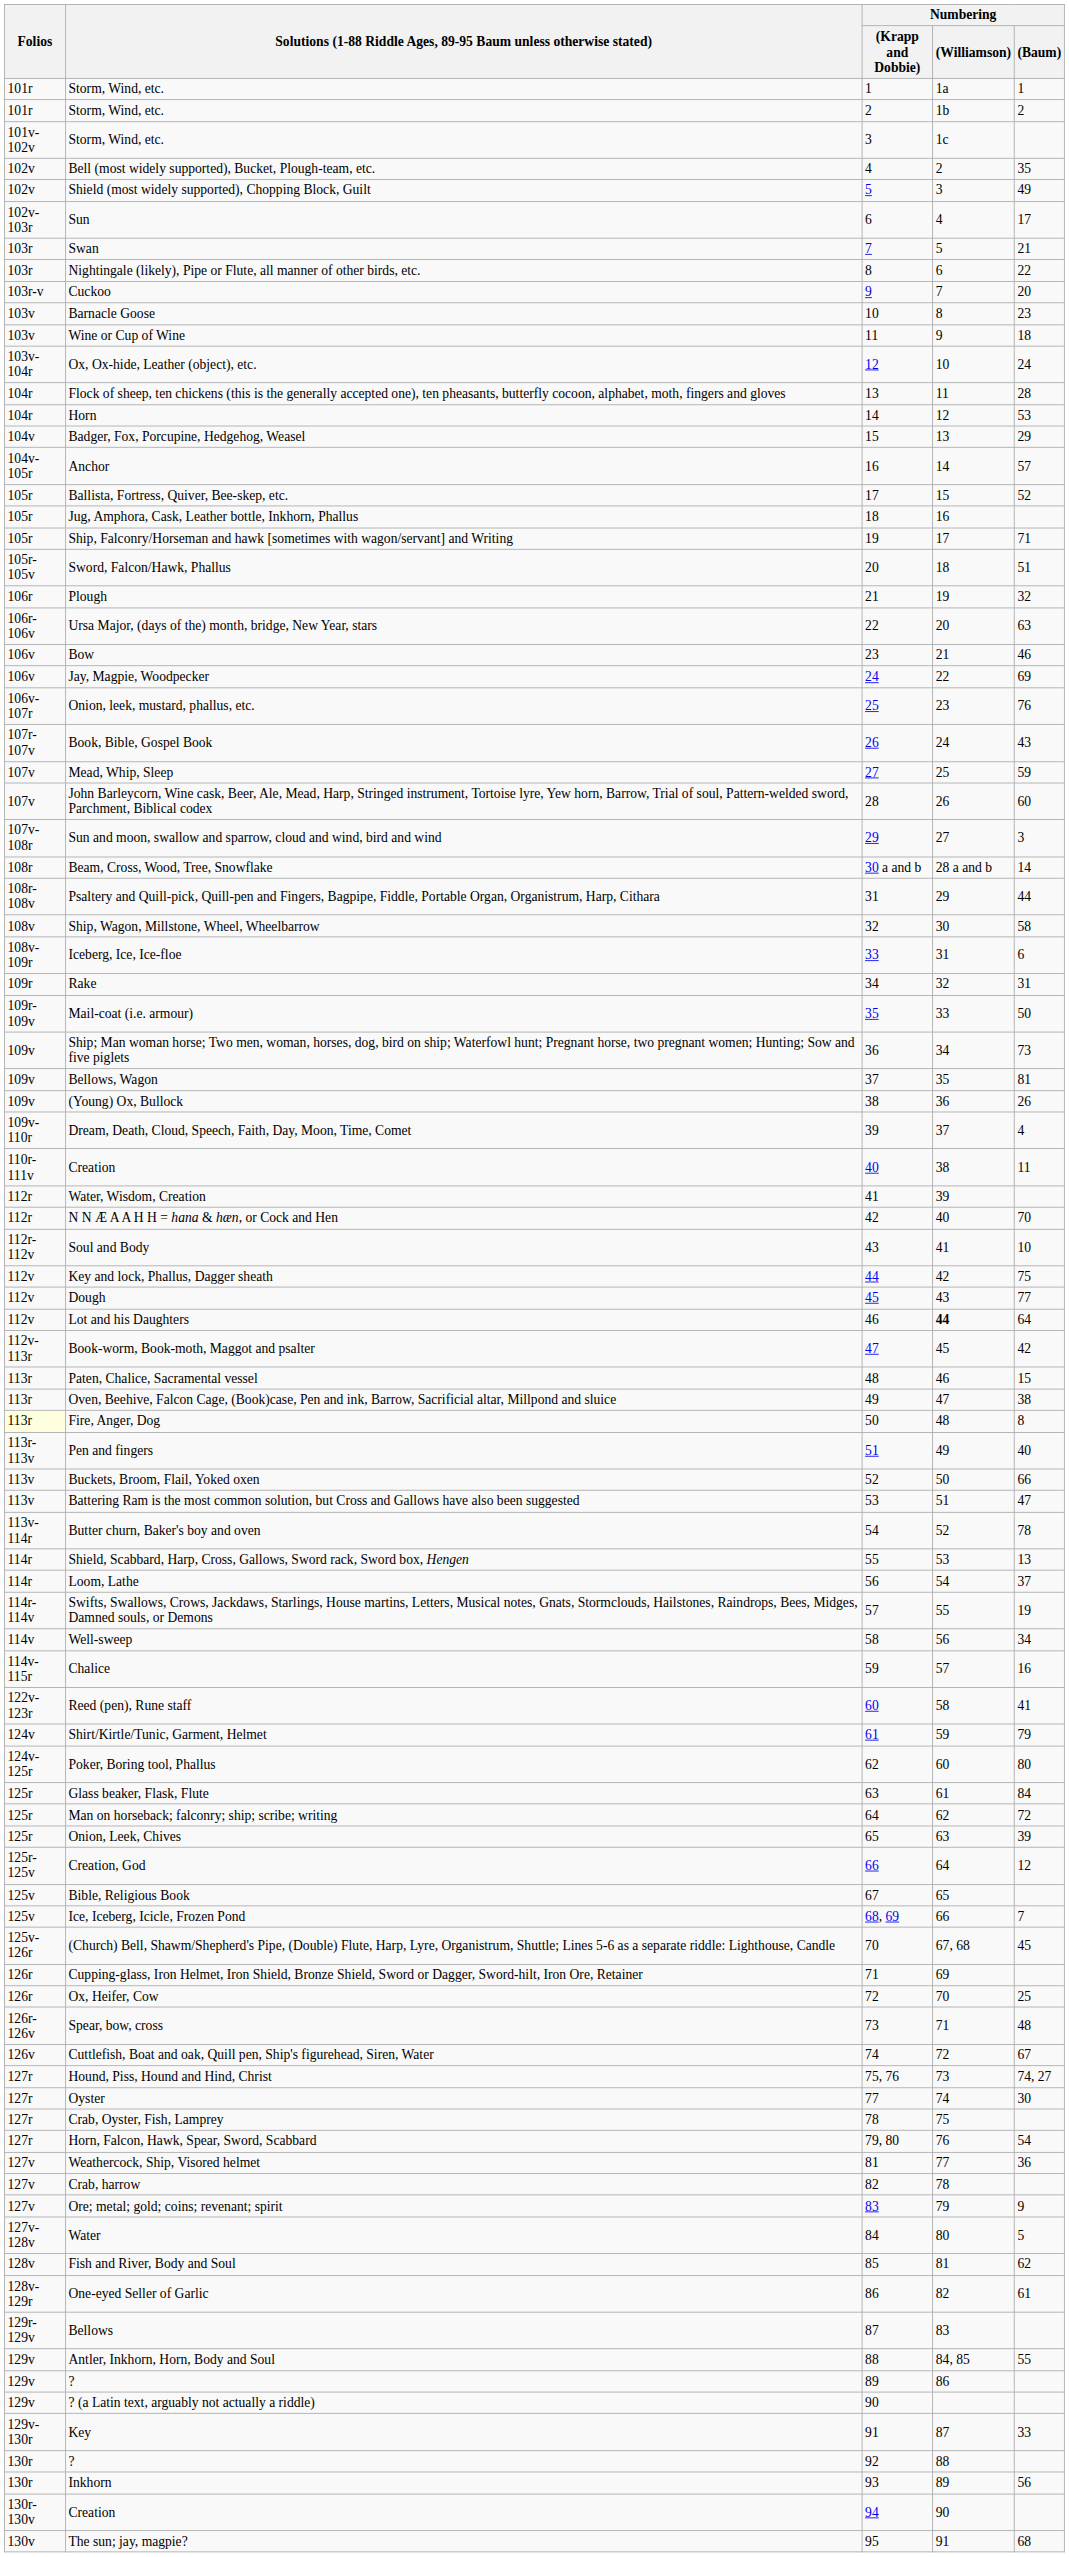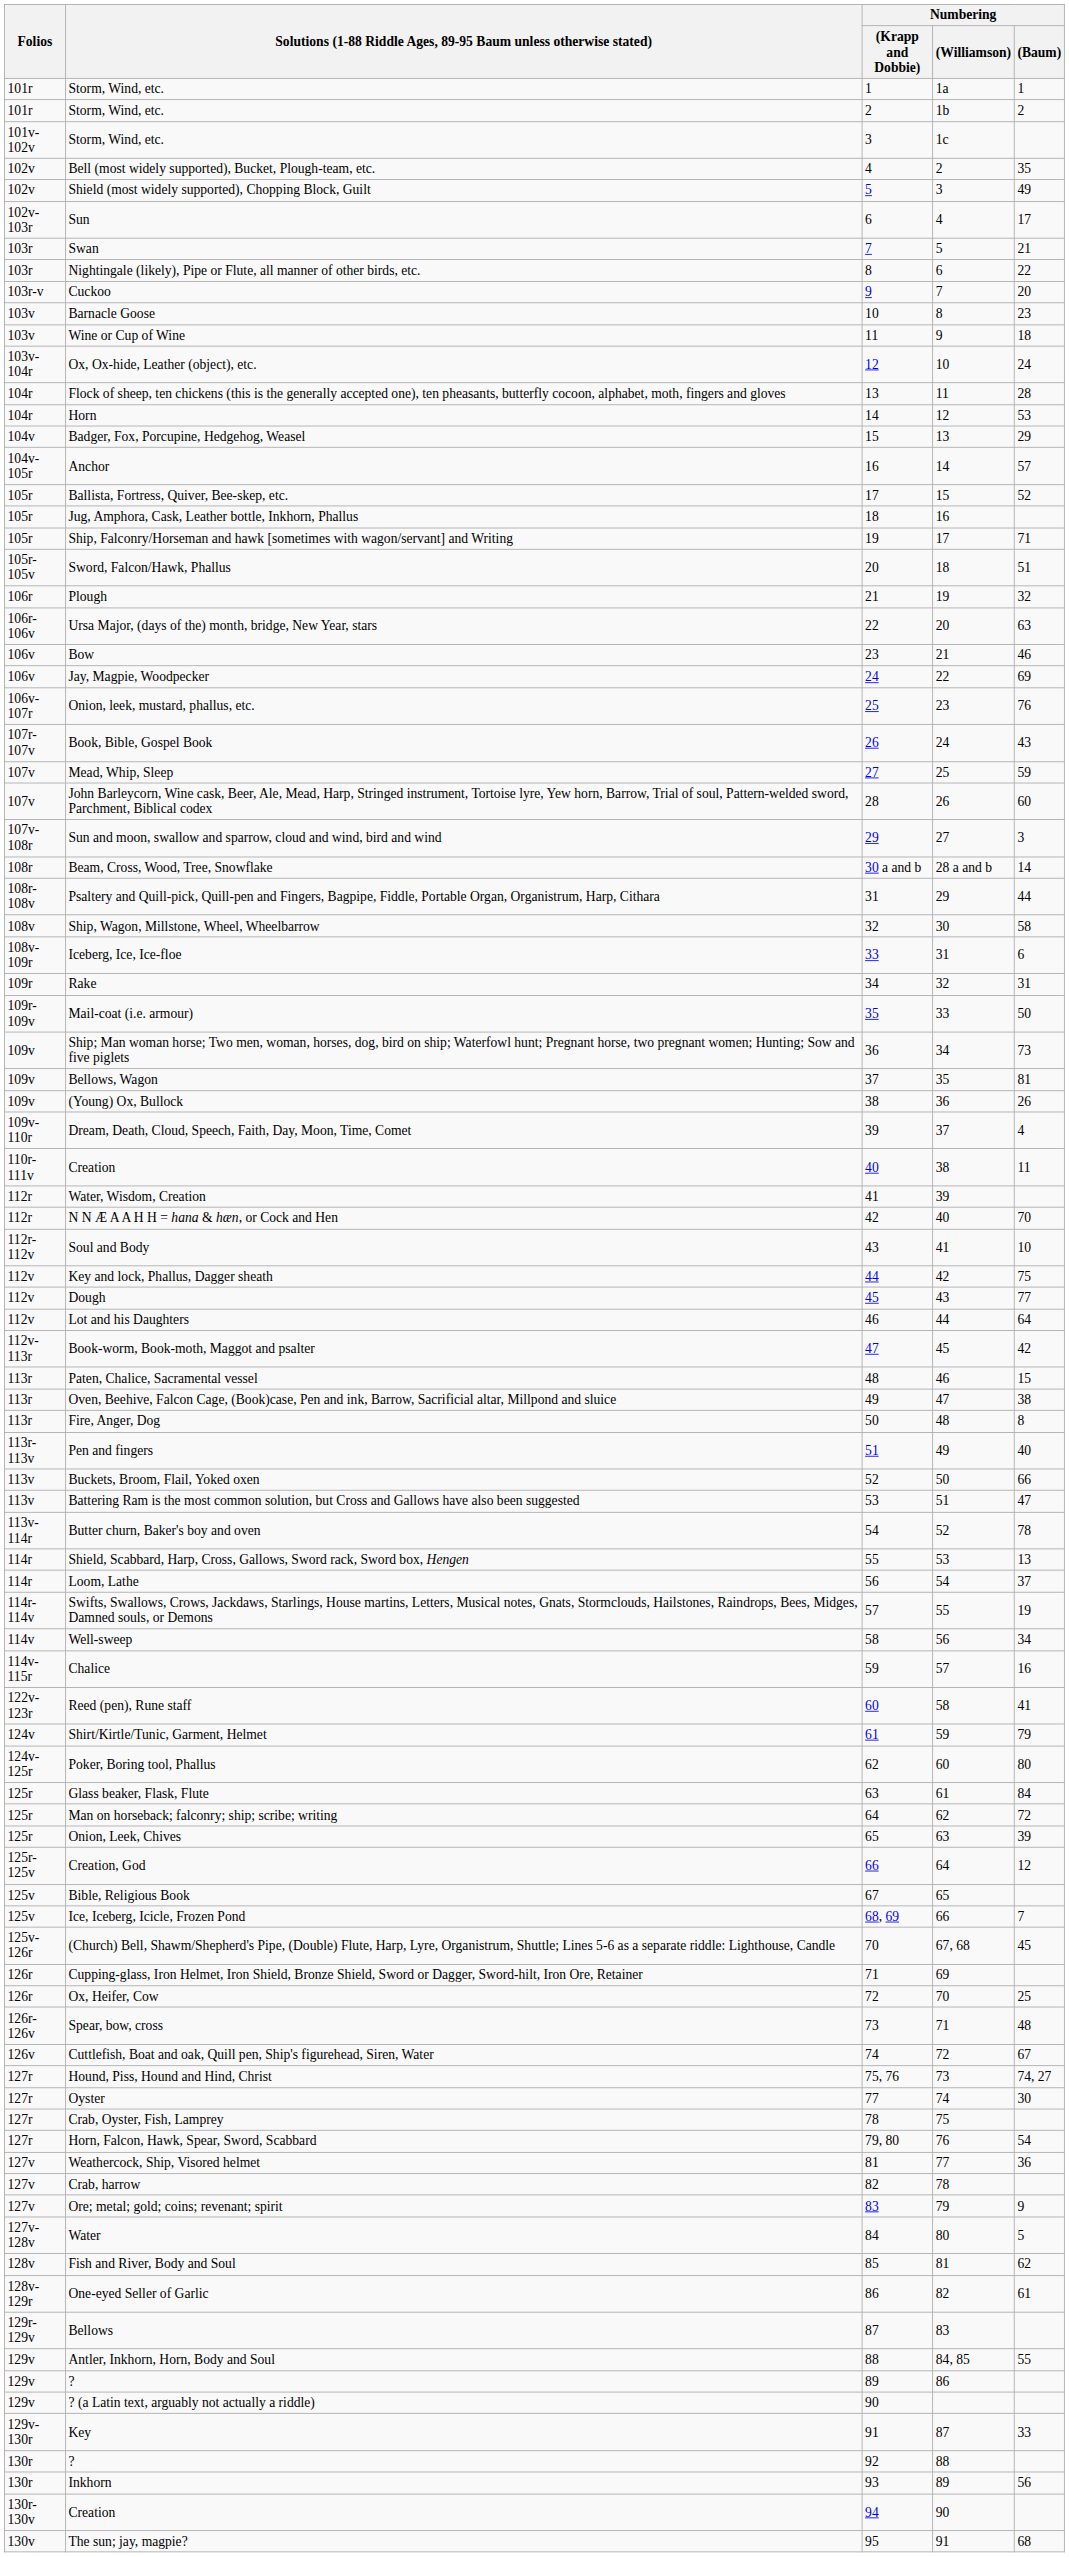 <table class="wikitable mw-collapsible">
 <tr>
 <th rowspan=2>Folios</th>
 <th rowspan=2>Solutions (1-88 Riddle Ages, 89-95 Baum unless otherwise stated)</th>
 <th colspan=3>Numbering</th>
 </tr>
 <tr>
 <th>(Krapp and<br>Dobbie)</th>
 <th>(Williamson)</th>
 <th>(Baum)</th>
 </tr>
 <tr>
 <td>101r</td>
 <td>Storm, Wind, etc.</td>
 <td>1</td>
 <td>1a</td>
 <td>1</td>
 </tr>
 <tr>
 <td>101r</td>
 <td>Storm, Wind, etc.</td>
 <td>2</td>
 <td>1b</td>
 <td>2</td>
 </tr>
 <tr>
 <td>101v-102v</td>
 <td>Storm, Wind, etc.</td>
 <td>3</td>
 <td>1c</td>
 <td></td>
 </tr>
 <tr>
 <td>102v</td>
 <td>Bell (most widely supported), Bucket, Plough-team, etc.</td>
 <td>4</td>
 <td>2</td>
 <td>35</td>
 </tr>
 <tr>
 <td>102v</td>
 <td>Shield (most widely supported), Chopping Block, Guilt</td>
 <td><a href='#'>5</a></td>
 <td>3</td>
 <td>49</td>
 </tr>
 <tr>
 <td>102v-103r</td>
 <td>Sun</td>
 <td>6</td>
 <td>4</td>
 <td>17</td>
 </tr>
 <tr>
 <td>103r</td>
 <td>Swan</td>
 <td><a href='#'>7</a></td>
 <td>5</td>
 <td>21</td>
 </tr>
 <tr>
 <td>103r</td>
 <td>Nightingale (likely), Pipe or Flute, all manner of other birds, etc.</td>
 <td>8</td>
 <td>6</td>
 <td>22</td>
 </tr>
 <tr>
 <td>103r-v</td>
 <td>Cuckoo</td>
 <td><a href='#'>9</a></td>
 <td>7</td>
 <td>20</td>
 </tr>
 <tr>
 <td>103v</td>
 <td>Barnacle Goose</td>
 <td>10</td>
 <td>8</td>
 <td>23</td>
 </tr>
 <tr>
 <td>103v</td>
 <td>Wine or Cup of Wine</td>
 <td>11</td>
 <td>9</td>
 <td>18</td>
 </tr>
 <tr>
 <td>103v-104r</td>
 <td>Ox, Ox-hide, Leather (object), etc.</td>
 <td><a href='#'>12</a></td>
 <td>10</td>
 <td>24</td>
 </tr>
 <tr>
 <td>104r</td>
 <td>Flock of sheep, ten chickens (this is the generally accepted one), ten pheasants, butterfly cocoon, alphabet, moth, fingers and gloves</td>
 <td>13</td>
 <td>11</td>
 <td>28</td>
 </tr>
 <tr>
 <td>104r</td>
 <td>Horn</td>
 <td>14</td>
 <td>12</td>
 <td>53</td>
 </tr>
 <tr>
 <td>104v</td>
 <td>Badger, Fox, Porcupine, Hedgehog, Weasel</td>
 <td>15</td>
 <td>13</td>
 <td>29</td>
 </tr>
 <tr>
 <td>104v-105r</td>
 <td>Anchor</td>
 <td>16</td>
 <td>14</td>
 <td>57</td>
 </tr>
 <tr>
 <td>105r</td>
 <td>Ballista, Fortress, Quiver, Bee-skep, etc.</td>
 <td>17</td>
 <td>15</td>
 <td>52</td>
 </tr>
 <tr>
 <td>105r</td>
 <td>Jug, Amphora, Cask, Leather bottle, Inkhorn, Phallus</td>
 <td>18</td>
 <td>16</td>
 <td></td>
 </tr>
 <tr>
 <td>105r</td>
 <td>Ship, Falconry/Horseman and hawk [sometimes with wagon/servant] and Writing</td>
 <td>19</td>
 <td>17</td>
 <td>71</td>
 </tr>
 <tr>
 <td>105r-105v</td>
 <td>Sword, Falcon/Hawk, Phallus</td>
 <td>20</td>
 <td>18</td>
 <td>51</td>
 </tr>
 <tr>
 <td>106r</td>
 <td>Plough</td>
 <td>21</td>
 <td>19</td>
 <td>32</td>
 </tr>
 <tr>
 <td>106r-106v</td>
 <td>Ursa Major, (days of the) month, bridge, New Year, stars</td>
 <td>22</td>
 <td>20</td>
 <td>63</td>
 </tr>
 <tr>
 <td>106v</td>
 <td>Bow</td>
 <td>23</td>
 <td>21</td>
 <td>46</td>
 </tr>
 <tr>
 <td>106v</td>
 <td>Jay, Magpie, Woodpecker</td>
 <td><a href='#'>24</a></td>
 <td>22</td>
 <td>69</td>
 </tr>
 <tr>
 <td>106v-107r</td>
 <td>Onion, leek, mustard, phallus, etc.</td>
 <td><a href='#'>25</a></td>
 <td>23</td>
 <td>76</td>
 </tr>
 <tr>
 <td>107r-107v</td>
 <td>Book, Bible, Gospel Book</td>
 <td><a href='#'>26</a></td>
 <td>24</td>
 <td>43</td>
 </tr>
 <tr>
 <td>107v</td>
 <td>Mead, Whip, Sleep</td>
 <td><a href='#'>27</a></td>
 <td>25</td>
 <td>59</td>
 </tr>
 <tr>
 <td>107v</td>
 <td>John Barleycorn, Wine cask, Beer, Ale, Mead, Harp, Stringed instrument, Tortoise lyre, Yew horn, Barrow, Trial of soul, Pattern-welded sword, Parchment, Biblical codex</td>
 <td>28</td>
 <td>26</td>
 <td>60</td>
 </tr>
 <tr>
 <td>107v-108r</td>
 <td>Sun and moon, swallow and sparrow, cloud and wind, bird and wind</td>
 <td><a href='#'>29</a></td>
 <td>27</td>
 <td>3</td>
 </tr>
 <tr>
 <td>108r</td>
 <td>Beam, Cross, Wood, Tree, Snowflake</td>
 <td><a href='#'>30</a> a and b</td>
 <td>28 a and b</td>
 <td>14</td>
 </tr>
 <tr>
 <td>108r-108v</td>
 <td>Psaltery and Quill-pick, Quill-pen and Fingers, Bagpipe, Fiddle, Portable Organ, Organistrum, Harp, Cithara</td>
 <td>31</td>
 <td>29</td>
 <td>44</td>
 </tr>
 <tr>
 <td>108v</td>
 <td>Ship, Wagon, Millstone, Wheel, Wheelbarrow</td>
 <td>32</td>
 <td>30</td>
 <td>58</td>
 </tr>
 <tr>
 <td>108v-109r</td>
 <td>Iceberg, Ice, Ice-floe</td>
 <td><a href='#'>33</a></td>
 <td>31</td>
 <td>6</td>
 </tr>
 <tr>
 <td>109r</td>
 <td>Rake</td>
 <td>34</td>
 <td>32</td>
 <td>31</td>
 </tr>
 <tr>
 <td>109r-109v</td>
 <td>Mail-coat (i.e. armour)</td>
 <td><a href='#'>35</a></td>
 <td>33</td>
 <td>50</td>
 </tr>
 <tr>
 <td>109v</td>
 <td>Ship; Man woman horse; Two men, woman, horses, dog, bird on ship; Waterfowl hunt; Pregnant horse, two pregnant women; Hunting; Sow and five piglets</td>
 <td>36</td>
 <td>34</td>
 <td>73</td>
 </tr>
 <tr>
 <td>109v</td>
 <td>Bellows, Wagon</td>
 <td>37</td>
 <td>35</td>
 <td>81</td>
 </tr>
 <tr>
 <td>109v</td>
 <td>(Young) Ox, Bullock</td>
 <td>38</td>
 <td>36</td>
 <td>26</td>
 </tr>
 <tr>
 <td>109v-110r</td>
 <td>Dream, Death, Cloud, Speech, Faith, Day, Moon, Time, Comet</td>
 <td>39</td>
 <td>37</td>
 <td>4</td>
 </tr>
 <tr>
 <td>110r-111v</td>
 <td>Creation</td>
 <td><a href='#'>40</a></td>
 <td>38</td>
 <td>11</td>
 </tr>
 <tr>
 <td>112r</td>
 <td>Water, Wisdom, Creation</td>
 <td>41</td>
 <td>39</td>
 <td></td>
 </tr>
 <tr>
 <td>112r</td>
 <td>N N Æ A A H H = <em>hana</em> & <em>hæn</em>, or Cock and Hen</td>
 <td>42</td>
 <td>40</td>
 <td>70</td>
 </tr>
 <tr>
 <td>112r-112v</td>
 <td>Soul and Body</td>
 <td>43</td>
 <td>41</td>
 <td>10</td>
 </tr>
 <tr>
 <td>112v</td>
 <td>Key and lock, Phallus, Dagger sheath</td>
 <td><a href='#'>44</a></td>
 <td>42</td>
 <td>75</td>
 </tr>
 <tr>
 <td>112v</td>
 <td>Dough</td>
 <td><a href='#'>45</a></td>
 <td>43</td>
 <td>77</td>
 </tr>
 <tr>
 <td>112v</td>
 <td>Lot and his Daughters</td>
 <td>46</td>
-<td><strong>44</strong></td>
+<td>44</td>
 <td>64</td>
 </tr>
 <tr>
 <td>112v-113r</td>
 <td>Book-worm, Book-moth, Maggot and psalter</td>
 <td><a href='#'>47</a></td>
 <td>45</td>
 <td>42</td>
 </tr>
 <tr>
 <td>113r</td>
 <td>Paten, Chalice, Sacramental vessel</td>
 <td>48</td>
 <td>46</td>
 <td>15</td>
 </tr>
 <tr>
 <td>113r</td>
 <td>Oven, Beehive, Falcon Cage, (Book)case, Pen and ink, Barrow, Sacrificial altar, Millpond and sluice</td>
 <td>49</td>
 <td>47</td>
 <td>38</td>
 </tr>
 <tr>
-<td style="background: lightyellow;">113r</td>
+<td>113r</td>
 <td>Fire, Anger, Dog</td>
 <td>50</td>
 <td>48</td>
 <td>8</td>
 </tr>
 <tr>
 <td>113r-113v</td>
 <td>Pen and fingers</td>
 <td><a href='#'>51</a></td>
 <td>49</td>
 <td>40</td>
 </tr>
 <tr>
 <td>113v</td>
 <td>Buckets, Broom, Flail, Yoked oxen</td>
 <td>52</td>
 <td>50</td>
 <td>66</td>
 </tr>
 <tr>
 <td>113v</td>
 <td>Battering Ram is the most common solution, but Cross and Gallows have also been suggested</td>
 <td>53</td>
 <td>51</td>
 <td>47</td>
 </tr>
 <tr>
 <td>113v-114r</td>
 <td>Butter churn, Baker's boy and oven</td>
 <td>54</td>
 <td>52</td>
 <td>78</td>
 </tr>
 <tr>
 <td>114r</td>
 <td>Shield, Scabbard, Harp, Cross, Gallows, Sword rack, Sword box, <em>Hengen</em></td>
 <td>55</td>
 <td>53</td>
 <td>13</td>
 </tr>
 <tr>
 <td>114r</td>
 <td>Loom, Lathe</td>
 <td>56</td>
 <td>54</td>
 <td>37</td>
 </tr>
 <tr>
 <td>114r-114v</td>
 <td>Swifts, Swallows, Crows, Jackdaws, Starlings, House martins, Letters, Musical notes, Gnats, Stormclouds, Hailstones, Raindrops, Bees, Midges, Damned souls, or Demons</td>
 <td>57</td>
 <td>55</td>
 <td>19</td>
 </tr>
 <tr>
 <td>114v</td>
 <td>Well-sweep</td>
 <td>58</td>
 <td>56</td>
 <td>34</td>
 </tr>
 <tr>
 <td>114v-115r</td>
 <td>Chalice</td>
 <td>59</td>
 <td>57</td>
 <td>16</td>
 </tr>
 <tr>
 <td>122v-123r</td>
 <td>Reed (pen), Rune staff</td>
 <td><a href='#'>60</a></td>
 <td>58</td>
 <td>41</td>
 </tr>
 <tr>
 <td>124v</td>
 <td>Shirt/Kirtle/Tunic, Garment, Helmet</td>
 <td><a href='#'>61</a></td>
 <td>59</td>
 <td>79</td>
 </tr>
 <tr>
 <td>124v-125r</td>
 <td>Poker, Boring tool, Phallus</td>
 <td>62</td>
 <td>60</td>
 <td>80</td>
 </tr>
 <tr>
 <td>125r</td>
 <td>Glass beaker, Flask, Flute</td>
 <td>63</td>
 <td>61</td>
 <td>84</td>
 </tr>
 <tr>
 <td>125r</td>
 <td>Man on horseback; falconry; ship; scribe; writing</td>
 <td>64</td>
 <td>62</td>
 <td>72</td>
 </tr>
 <tr>
 <td>125r</td>
 <td>Onion, Leek, Chives</td>
 <td>65</td>
 <td>63</td>
 <td>39</td>
 </tr>
 <tr>
 <td>125r-125v</td>
 <td>Creation, God</td>
 <td><a href='#'>66</a></td>
 <td>64</td>
 <td>12</td>
 </tr>
 <tr>
 <td>125v</td>
 <td>Bible, Religious Book</td>
 <td>67</td>
 <td>65</td>
 <td></td>
 </tr>
 <tr>
 <td>125v</td>
 <td>Ice, Iceberg, Icicle, Frozen Pond</td>
 <td><a href='#'>68</a>, <a href='#'>69</a></td>
 <td>66</td>
 <td>7</td>
 </tr>
 <tr>
 <td>125v-126r</td>
 <td>(Church) Bell, Shawm/Shepherd's Pipe, (Double) Flute, Harp, Lyre, Organistrum, Shuttle; Lines 5-6 as a separate riddle: Lighthouse, Candle</td>
 <td>70</td>
 <td>67, 68</td>
 <td>45</td>
 </tr>
 <tr>
 <td>126r</td>
 <td>Cupping-glass, Iron Helmet, Iron Shield, Bronze Shield, Sword or Dagger, Sword-hilt, Iron Ore, Retainer</td>
 <td>71</td>
 <td>69</td>
 <td></td>
 </tr>
 <tr>
 <td>126r</td>
 <td>Ox, Heifer, Cow</td>
 <td>72</td>
 <td>70</td>
 <td>25</td>
 </tr>
 <tr>
 <td>126r-126v</td>
 <td>Spear, bow, cross</td>
 <td>73</td>
 <td>71</td>
 <td>48</td>
 </tr>
 <tr>
 <td>126v</td>
 <td>Cuttlefish, Boat and oak, Quill pen, Ship's figurehead, Siren, Water</td>
 <td>74</td>
 <td>72</td>
 <td>67</td>
 </tr>
 <tr>
 <td>127r</td>
 <td>Hound, Piss, Hound and Hind, Christ</td>
 <td>75, 76</td>
 <td>73</td>
 <td>74, 27</td>
 </tr>
 <tr>
 <td>127r</td>
 <td>Oyster</td>
 <td>77</td>
 <td>74</td>
 <td>30</td>
 </tr>
 <tr>
 <td>127r</td>
 <td>Crab, Oyster, Fish, Lamprey</td>
 <td>78</td>
 <td>75</td>
 <td></td>
 </tr>
 <tr>
 <td>127r</td>
 <td>Horn, Falcon, Hawk, Spear, Sword, Scabbard</td>
 <td>79, 80</td>
 <td>76</td>
 <td>54</td>
 </tr>
 <tr>
 <td>127v</td>
 <td>Weathercock, Ship, Visored helmet</td>
 <td>81</td>
 <td>77</td>
 <td>36</td>
 </tr>
 <tr>
 <td>127v</td>
 <td>Crab, harrow</td>
 <td>82</td>
 <td>78</td>
 <td></td>
 </tr>
 <tr>
 <td>127v</td>
 <td>Ore; metal; gold; coins; revenant; spirit</td>
 <td><a href='#'>83</a></td>
 <td>79</td>
 <td>9</td>
 </tr>
 <tr>
 <td>127v-128v</td>
 <td>Water</td>
 <td>84</td>
 <td>80</td>
 <td>5</td>
 </tr>
 <tr>
 <td>128v</td>
 <td>Fish and River, Body and Soul</td>
 <td>85</td>
 <td>81</td>
 <td>62</td>
 </tr>
 <tr>
 <td>128v-129r</td>
 <td>One-eyed Seller of Garlic</td>
 <td>86</td>
 <td>82</td>
 <td>61</td>
 </tr>
 <tr>
 <td>129r-129v</td>
 <td>Bellows</td>
 <td>87</td>
 <td>83</td>
 <td></td>
 </tr>
 <tr>
 <td>129v</td>
 <td>Antler, Inkhorn, Horn, Body and Soul</td>
 <td>88</td>
 <td>84, 85</td>
 <td>55</td>
 </tr>
 <tr>
 <td>129v</td>
 <td>?</td>
 <td>89</td>
 <td>86</td>
 <td></td>
 </tr>
 <tr>
 <td>129v</td>
 <td>? (a Latin text, arguably not actually a riddle)</td>
 <td>90</td>
 <td></td>
 <td></td>
 </tr>
 <tr>
 <td>129v-130r</td>
 <td>Key</td>
 <td>91</td>
 <td>87</td>
 <td>33</td>
 </tr>
 <tr>
 <td>130r</td>
 <td>?</td>
 <td>92</td>
 <td>88</td>
 <td></td>
 </tr>
 <tr>
 <td>130r</td>
 <td>Inkhorn</td>
 <td>93</td>
 <td>89</td>
 <td>56</td>
 </tr>
 <tr>
 <td>130r-130v</td>
 <td>Creation</td>
 <td><a href='#'>94</a></td>
 <td>90</td>
 <td></td>
 </tr>
 <tr>
 <td>130v</td>
 <td>The sun; jay, magpie?</td>
 <td>95</td>
 <td>91</td>
 <td>68</td>
 </tr>
 </table>
